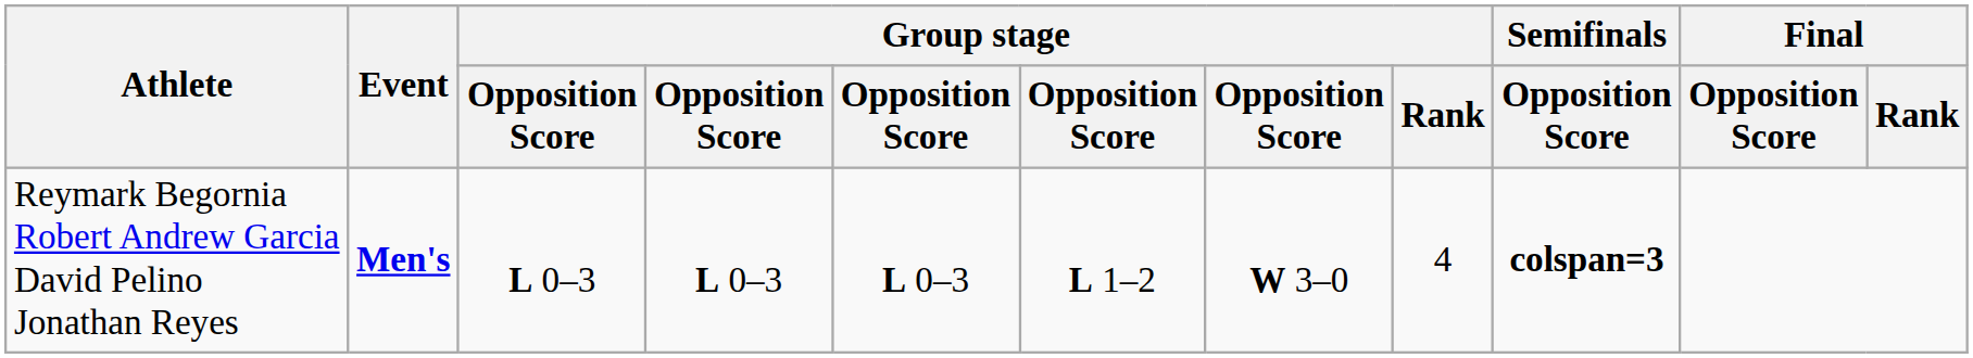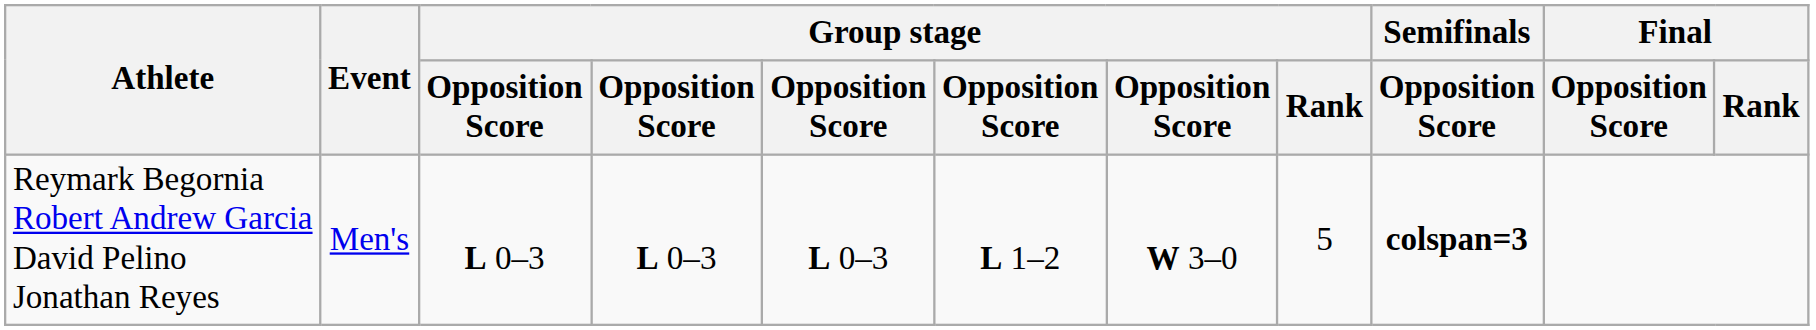 <table class=wikitable style="text-align:center; font-size:90%">
 <tr>
 <th rowspan=2>Athlete</th>
 <th rowspan=2>Event</th>
 <th colspan=6>Group stage</th>
 <th>Semifinals</th>
 <th colspan=2>Final</th>
 </tr>
 <tr>
 <th>Opposition<br>Score</th>
 <th>Opposition<br>Score</th>
 <th>Opposition<br>Score</th>
 <th>Opposition<br>Score</th>
 <th>Opposition<br>Score</th>
 <th>Rank</th>
 <th>Opposition<br>Score</th>
 <th>Opposition<br>Score</th>
 <th>Rank</th>
 </tr>
 <tr>
 <td align=left>Reymark Begornia<br><a href='#'>Robert Andrew Garcia</a><br>David Pelino<br>Jonathan Reyes</td>
-<td><strong><a href='#'>Men's</a></strong></td>
+<td><a href='#'>Men's</a></td>
 <td><br><strong>L</strong> 0–3</td>
 <td><br><strong>L</strong> 0–3</td>
 <td><br><strong>L</strong> 0–3</td>
 <td><br><strong>L</strong> 1–2</td>
 <td><br><strong>W</strong> 3–0</td>
-<td>4</td>
+<td>5</td>
 <td><strong>colspan=3 </strong></td>
 </tr>
 </table>
